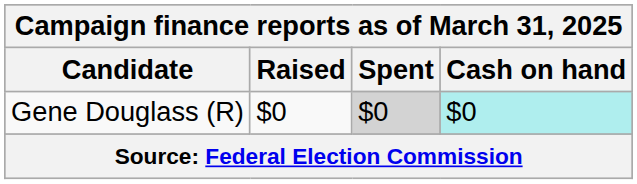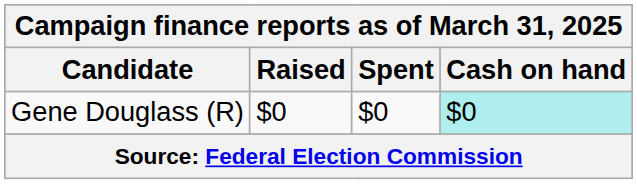 <table class="wikitable sortable">
 <tr>
 <th colspan=4>Campaign finance reports as of March 31, 2025</th>
 </tr>
 <tr style="text-align:center;">
 <th>Candidate</th>
 <th>Raised</th>
 <th>Spent</th>
 <th>Cash on hand</th>
 </tr>
 <tr>
 <td>Gene Douglass (R)</td>
 <td>$0</td>
-<td style="background: lightgrey;">$0</td>
+<td>$0</td>
 <td style="background: paleturquoise;">$0</td>
 </tr>
 <tr>
 <th colspan="4"><small>Source: <a href='#'>Federal Election Commission</a></small></th>
 </tr>
 </table>
